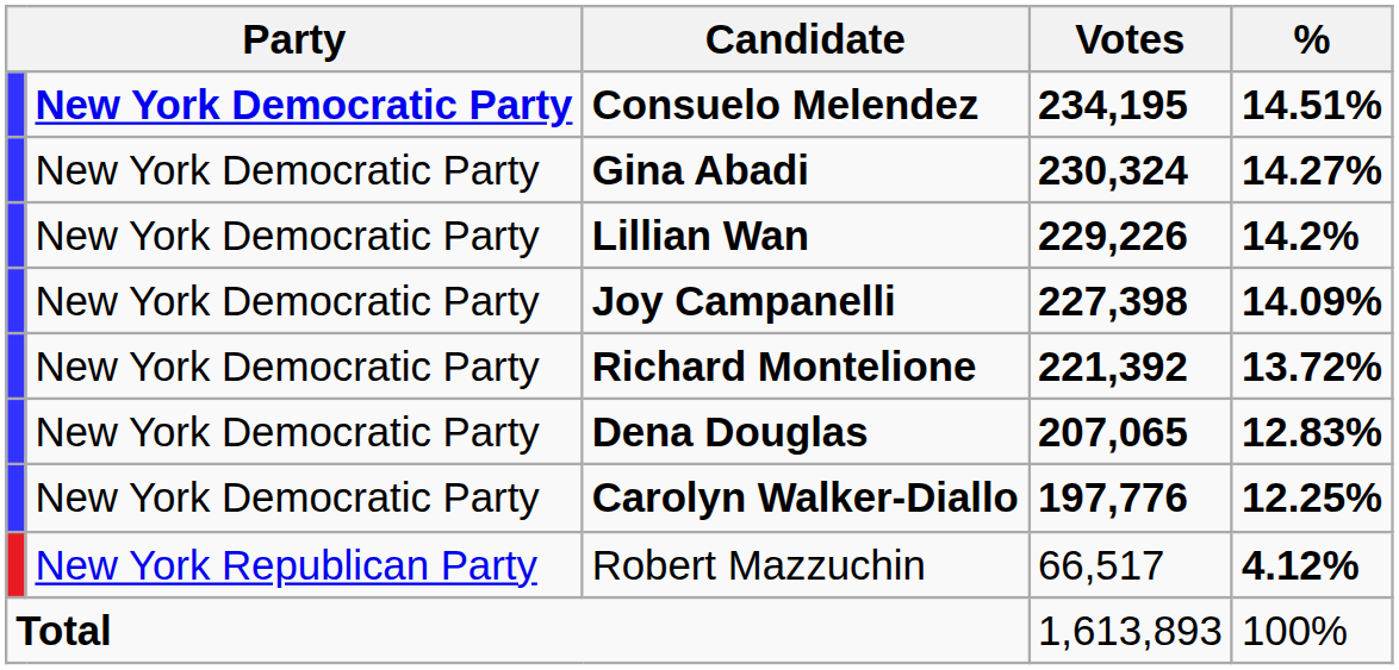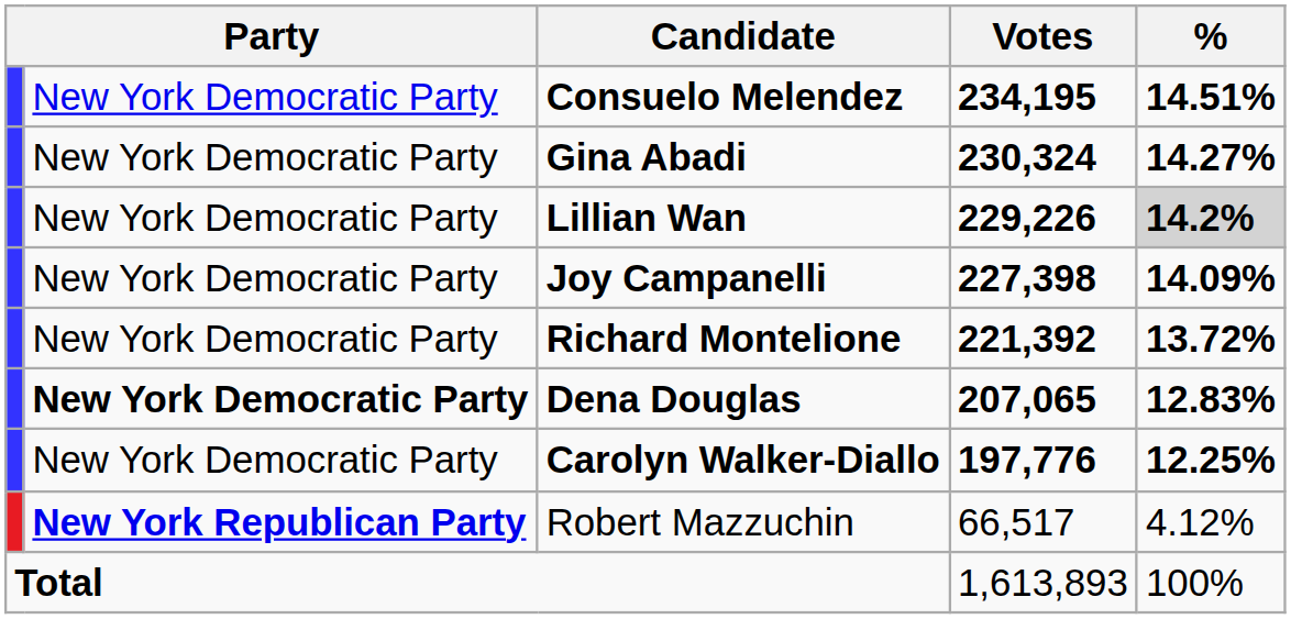 <table class="wikitable" style="font-size: 95%">
 <tr>
 <th colspan="2">Party</th>
 <th>Candidate</th>
 <th>Votes</th>
 <th>%</th>
 </tr>
 <tr>
 <td bgcolor="#3333FF"></td>
-<td><strong><a href='#'>New York Democratic Party</a></strong></td>
+<td><a href='#'>New York Democratic Party</a></td>
 <td><strong>Consuelo Melendez</strong></td>
 <td><strong>234,195</strong></td>
 <td><strong>14.51%</strong></td>
 </tr>
 <tr>
 <td bgcolor="#3333FF"></td>
 <td>New York Democratic Party</td>
 <td><strong>Gina Abadi</strong></td>
 <td><strong>230,324</strong></td>
 <td><strong>14.27%</strong></td>
 </tr>
 <tr>
 <td bgcolor="#3333FF"></td>
 <td>New York Democratic Party</td>
 <td><strong>Lillian Wan</strong></td>
 <td><strong>229,226</strong></td>
-<td><strong>14.2%</strong></td>
+<td style="background: lightgrey;"><strong>14.2%</strong></td>
 </tr>
 <tr>
 <td bgcolor="#3333FF"></td>
 <td>New York Democratic Party</td>
 <td><strong>Joy Campanelli</strong></td>
 <td><strong>227,398</strong></td>
 <td><strong>14.09%</strong></td>
 </tr>
 <tr>
 <td bgcolor="#3333FF"></td>
 <td>New York Democratic Party</td>
 <td><strong>Richard Montelione</strong></td>
 <td><strong>221,392</strong></td>
 <td><strong>13.72%</strong></td>
 </tr>
 <tr>
 <td bgcolor="#3333FF"></td>
-<td>New York Democratic Party</td>
+<td><strong>New York Democratic Party</strong></td>
 <td><strong>Dena Douglas</strong></td>
 <td><strong>207,065</strong></td>
 <td><strong>12.83%</strong></td>
 </tr>
 <tr>
 <td bgcolor="#3333FF"></td>
 <td>New York Democratic Party</td>
 <td><strong>Carolyn Walker-Diallo</strong></td>
 <td><strong>197,776</strong></td>
 <td><strong>12.25%</strong></td>
 </tr>
 <tr>
 <td bgcolor="#E81B23"></td>
-<td><a href='#'>New York Republican Party</a></td>
+<td><strong><a href='#'>New York Republican Party</a></strong></td>
 <td>Robert Mazzuchin</td>
 <td>66,517</td>
-<td><strong>4.12%</strong></td>
+<td>4.12%</td>
 </tr>
 <tr>
 <td colspan="3"><strong>Total</strong></td>
 <td>1,613,893</td>
 <td>100%</td>
 </tr>
 </table>
